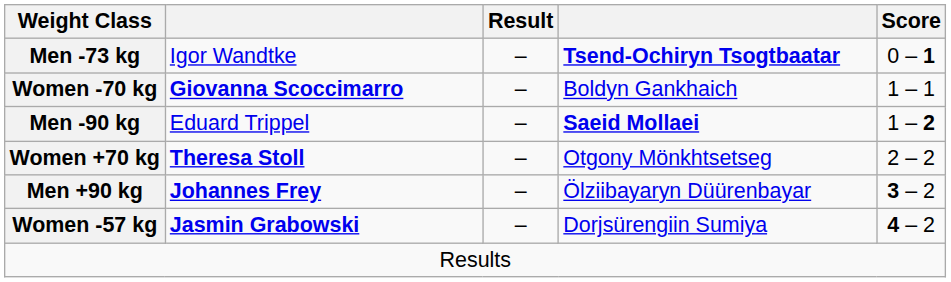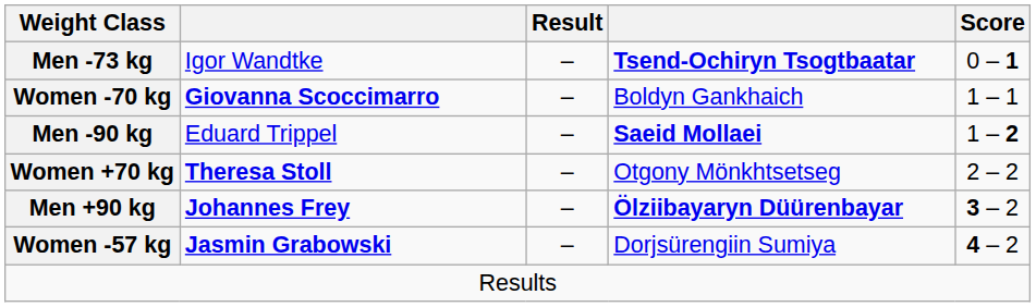 <table class="wikitable">
 <tr>
 <th>Weight Class</th>
 <th style="width: 230px;"></th>
 <th>Result</th>
 <th style="width: 230px;"></th>
 <th>Score</th>
 </tr>
 <tr>
 <th>Men -73 kg</th>
 <td><a href='#'>Igor Wandtke</a></td>
 <td align=center> – <strong></strong></td>
 <td><strong><a href='#'>Tsend-Ochiryn Tsogtbaatar</a></strong></td>
 <td align=center>0 – <strong>1</strong></td>
 </tr>
 <tr>
 <th>Women -70 kg</th>
 <td><strong><a href='#'>Giovanna Scoccimarro</a></strong></td>
 <td align=center><strong></strong> – </td>
 <td><a href='#'>Boldyn Gankhaich</a></td>
 <td align=center>1 – 1</td>
 </tr>
 <tr>
 <th>Men -90 kg</th>
 <td><a href='#'>Eduard Trippel</a></td>
 <td align=center> – <strong></strong></td>
 <td><strong><a href='#'>Saeid Mollaei</a></strong></td>
 <td align=center>1 – <strong>2</strong></td>
 </tr>
 <tr>
 <th>Women +70 kg</th>
 <td><strong><a href='#'>Theresa Stoll</a></strong></td>
 <td align=center><strong></strong> – </td>
 <td><a href='#'>Otgony Mönkhtsetseg</a></td>
 <td align=center>2 – 2</td>
 </tr>
 <tr>
 <th>Men +90 kg</th>
 <td><strong><a href='#'>Johannes Frey</a></strong></td>
 <td align=center><strong></strong> – </td>
-<td><a href='#'>Ölziibayaryn Düürenbayar</a></td>
+<td><strong><a href='#'>Ölziibayaryn Düürenbayar</a></strong></td>
 <td align=center><strong>3</strong> – 2</td>
 </tr>
 <tr>
 <th>Women -57 kg</th>
 <td><strong><a href='#'>Jasmin Grabowski</a></strong></td>
 <td align=center><strong></strong> – </td>
 <td><a href='#'>Dorjsürengiin Sumiya</a></td>
 <td align=center><strong>4</strong> – 2</td>
 </tr>
 <tr>
 <td align=center colspan=5>Results</td>
 </tr>
 </table>
